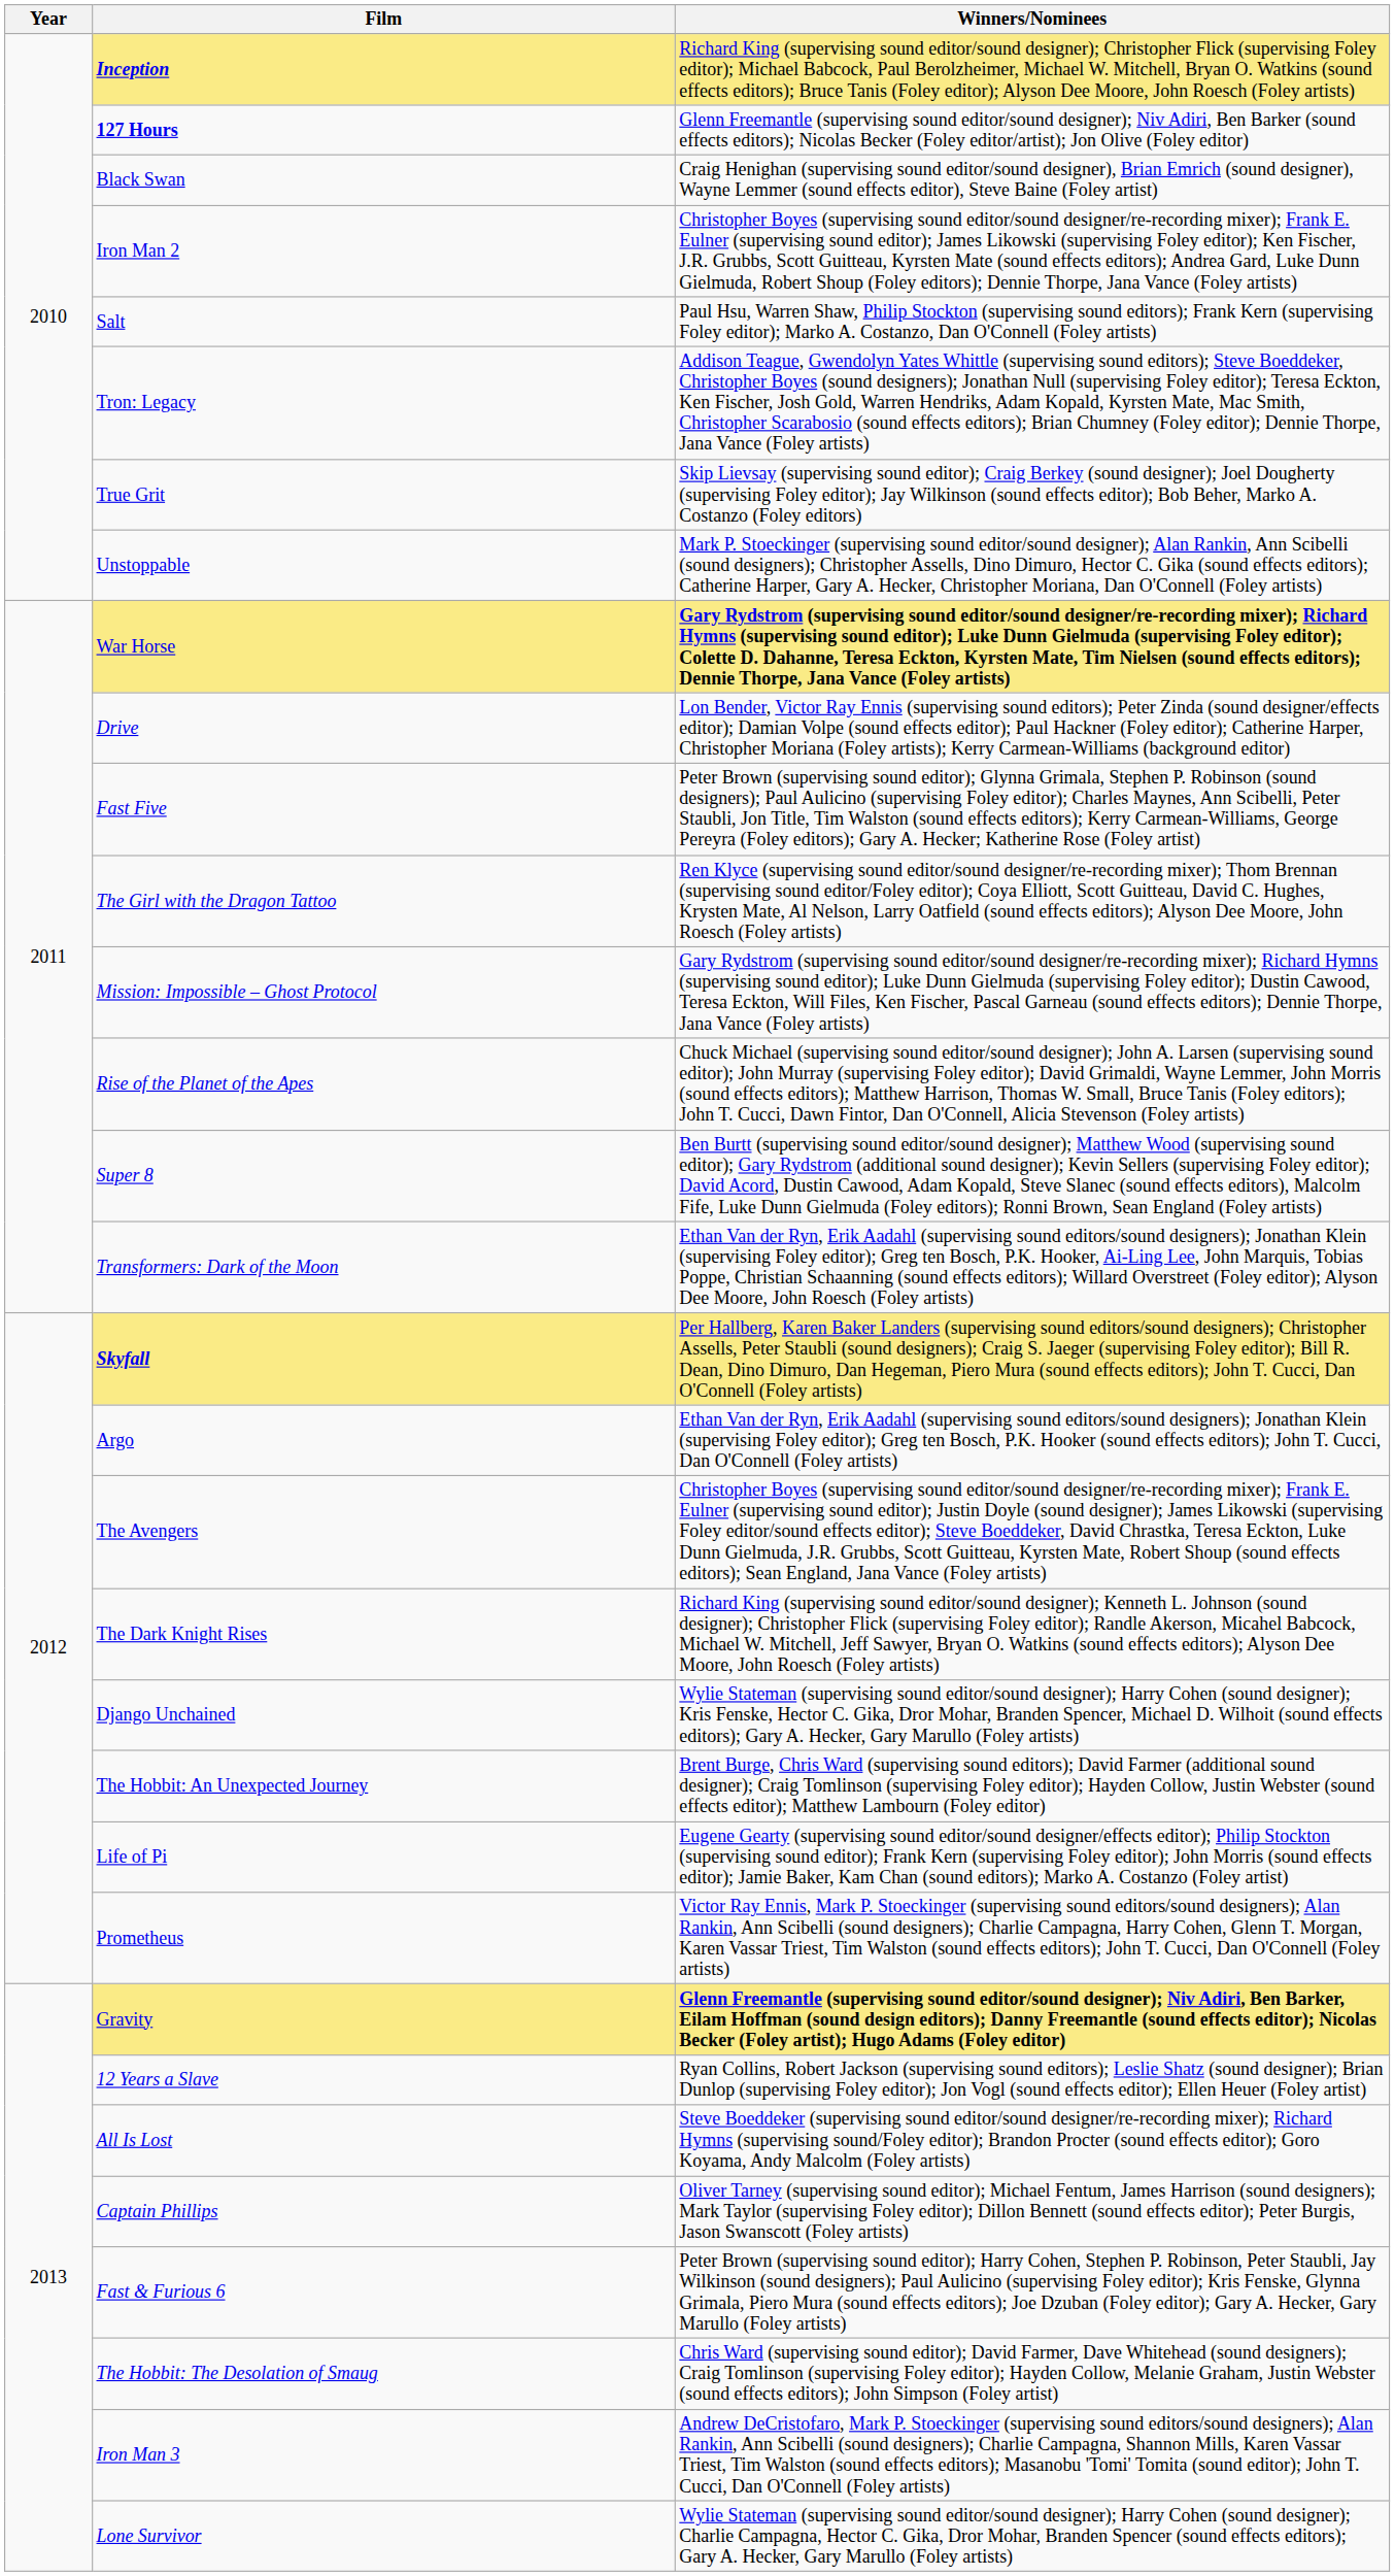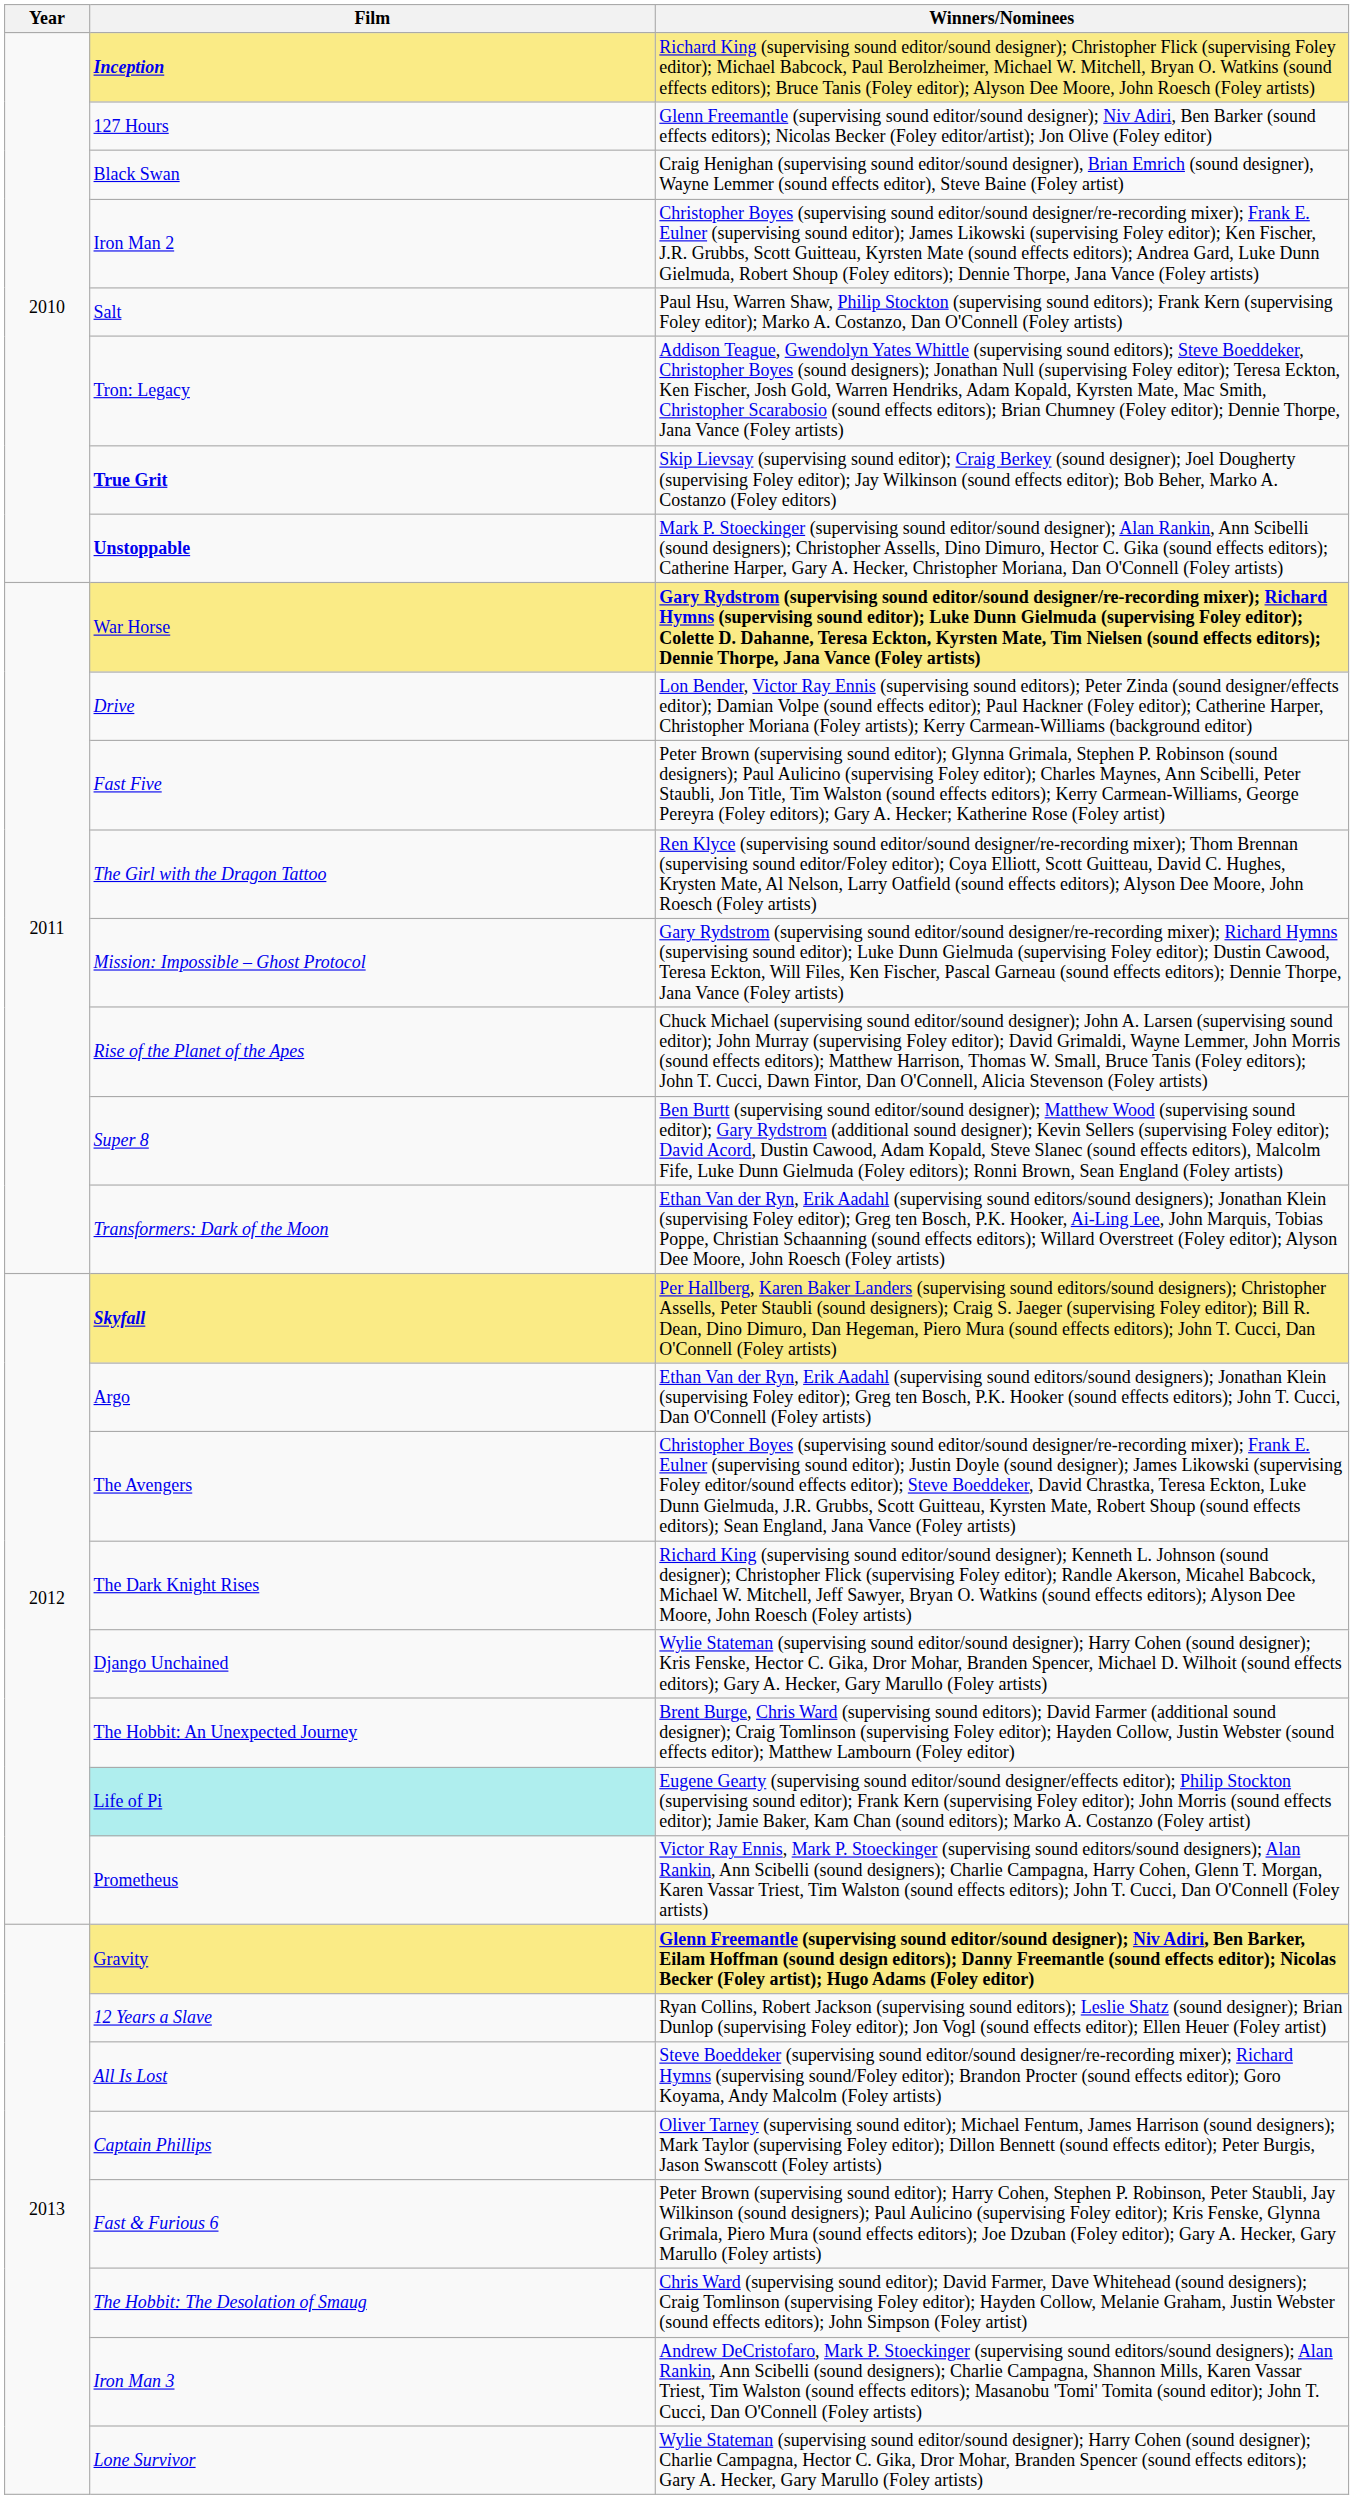 <table class="wikitable" width="95%" cellpadding="5">
 <tr>
 <th width="6%">Year</th>
 <th width="40%">Film</th>
 <th width="49%">Winners/Nominees</th>
 </tr>
 <tr>
 <td rowspan=8 style="text-align:center">2010<br></td>
 <td style="background:#FAEB86;"><strong><em><a href='#'>Inception</a><em> <strong></td>
 <td style="background:#FAEB86;"></strong><a href='#'>Richard King</a> (supervising sound editor/sound designer); Christopher Flick (supervising Foley editor); Michael Babcock, Paul Berolzheimer, Michael W. Mitchell, Bryan O. Watkins (sound effects editors); Bruce Tanis (Foley editor); Alyson Dee Moore, John Roesch (Foley artists)<strong></td>
 </tr>
 <tr>
-<td><strong></em><a href='#'>127 Hours</a><em></strong></td>
+<td></em><a href='#'>127 Hours</a><em></td>
 <td><a href='#'>Glenn Freemantle</a> (supervising sound editor/sound designer); <a href='#'>Niv Adiri</a>, Ben Barker (sound effects editors); Nicolas Becker (Foley editor/artist); Jon Olive (Foley editor)</td>
 </tr>
 <tr>
 <td></em><a href='#'>Black Swan</a><em></td>
 <td>Craig Henighan (supervising sound editor/sound designer), <a href='#'>Brian Emrich</a> (sound designer), Wayne Lemmer (sound effects editor), Steve Baine (Foley artist)</td>
 </tr>
 <tr>
 <td></em><a href='#'>Iron Man 2</a><em></td>
 <td><a href='#'>Christopher Boyes</a> (supervising sound editor/sound designer/re-recording mixer); <a href='#'>Frank E. Eulner</a> (supervising sound editor); James Likowski (supervising Foley editor); Ken Fischer, J.R. Grubbs, Scott Guitteau, Kyrsten Mate (sound effects editors); Andrea Gard, Luke Dunn Gielmuda, Robert Shoup (Foley editors); Dennie Thorpe, Jana Vance (Foley artists)</td>
 </tr>
 <tr>
 <td></em><a href='#'>Salt</a><em></td>
 <td>Paul Hsu, Warren Shaw, <a href='#'>Philip Stockton</a> (supervising sound editors); Frank Kern (supervising Foley editor); Marko A. Costanzo, Dan O'Connell (Foley artists)</td>
 </tr>
 <tr>
 <td></em><a href='#'>Tron: Legacy</a><em></td>
 <td><a href='#'>Addison Teague</a>, <a href='#'>Gwendolyn Yates Whittle</a> (supervising sound editors); <a href='#'>Steve Boeddeker</a>, <a href='#'>Christopher Boyes</a> (sound designers); Jonathan Null (supervising Foley editor); Teresa Eckton, Ken Fischer, Josh Gold, Warren Hendriks, Adam Kopald, Kyrsten Mate, Mac Smith, <a href='#'>Christopher Scarabosio</a> (sound effects editors); Brian Chumney (Foley editor); Dennie Thorpe, Jana Vance (Foley artists)</td>
 </tr>
 <tr>
-<td></em><a href='#'>True Grit</a><em></td>
+<td><strong></em><a href='#'>True Grit</a><em></strong></td>
 <td><a href='#'>Skip Lievsay</a> (supervising sound editor); <a href='#'>Craig Berkey</a> (sound designer); Joel Dougherty (supervising Foley editor); Jay Wilkinson (sound effects editor); Bob Beher, Marko A. Costanzo (Foley editors)</td>
 </tr>
 <tr>
-<td></em><a href='#'>Unstoppable</a><em></td>
+<td><strong></em><a href='#'>Unstoppable</a><em></strong></td>
 <td><a href='#'>Mark P. Stoeckinger</a> (supervising sound editor/sound designer); <a href='#'>Alan Rankin</a>, Ann Scibelli (sound designers); Christopher Assells, Dino Dimuro, Hector C. Gika (sound effects editors); Catherine Harper, Gary A. Hecker, Christopher Moriana, Dan O'Connell (Foley artists)</td>
 </tr>
 <tr>
 <td rowspan=8 style="text-align:center">2011<br></td>
 <td style="background:#FAEB86;"></em></strong><a href='#'>War Horse</a></em> </strong></td>
 <td style="background:#FAEB86;"><strong><a href='#'>Gary Rydstrom</a> (supervising sound editor/sound designer/re-recording mixer); <a href='#'>Richard Hymns</a> (supervising sound editor); Luke Dunn Gielmuda (supervising Foley editor); Colette D. Dahanne, Teresa Eckton, Kyrsten Mate, Tim Nielsen (sound effects editors); Dennie Thorpe, Jana Vance (Foley artists)</strong></td>
 </tr>
 <tr>
 <td><em><a href='#'>Drive</a></em></td>
 <td><a href='#'>Lon Bender</a>, <a href='#'>Victor Ray Ennis</a> (supervising sound editors); Peter Zinda (sound designer/effects editor); Damian Volpe (sound effects editor); Paul Hackner (Foley editor); Catherine Harper, Christopher Moriana (Foley artists); Kerry Carmean-Williams (background editor)</td>
 </tr>
 <tr>
 <td><em><a href='#'>Fast Five</a></em></td>
 <td>Peter Brown (supervising sound editor); Glynna Grimala, Stephen P. Robinson (sound designers); Paul Aulicino (supervising Foley editor); Charles Maynes, Ann Scibelli, Peter Staubli, Jon Title, Tim Walston (sound effects editors); Kerry Carmean-Williams, George Pereyra (Foley editors); Gary A. Hecker; Katherine Rose (Foley artist)</td>
 </tr>
 <tr>
 <td><em><a href='#'>The Girl with the Dragon Tattoo</a></em></td>
 <td><a href='#'>Ren Klyce</a> (supervising sound editor/sound designer/re-recording mixer); Thom Brennan (supervising sound editor/Foley editor); Coya Elliott, Scott Guitteau, David C. Hughes, Krysten Mate, Al Nelson, Larry Oatfield (sound effects editors); Alyson Dee Moore, John Roesch (Foley artists)</td>
 </tr>
 <tr>
 <td><em><a href='#'>Mission: Impossible – Ghost Protocol</a></em></td>
 <td><a href='#'>Gary Rydstrom</a> (supervising sound editor/sound designer/re-recording mixer); <a href='#'>Richard Hymns</a> (supervising sound editor); Luke Dunn Gielmuda (supervising Foley editor); Dustin Cawood, Teresa Eckton, Will Files, Ken Fischer, Pascal Garneau (sound effects editors); Dennie Thorpe, Jana Vance (Foley artists)</td>
 </tr>
 <tr>
 <td><em><a href='#'>Rise of the Planet of the Apes</a></em></td>
 <td>Chuck Michael (supervising sound editor/sound designer); John A. Larsen (supervising sound editor); John Murray (supervising Foley editor); David Grimaldi, Wayne Lemmer, John Morris (sound effects editors); Matthew Harrison, Thomas W. Small, Bruce Tanis (Foley editors); John T. Cucci, Dawn Fintor, Dan O'Connell, Alicia Stevenson (Foley artists)</td>
 </tr>
 <tr>
 <td><em><a href='#'>Super 8</a></em></td>
 <td><a href='#'>Ben Burtt</a> (supervising sound editor/sound designer); <a href='#'>Matthew Wood</a> (supervising sound editor); <a href='#'>Gary Rydstrom</a> (additional sound designer); Kevin Sellers (supervising Foley editor); <a href='#'>David Acord</a>, Dustin Cawood, Adam Kopald, Steve Slanec (sound effects editors), Malcolm Fife, Luke Dunn Gielmuda (Foley editors); Ronni Brown, Sean England (Foley artists)</td>
 </tr>
 <tr>
 <td><em><a href='#'>Transformers: Dark of the Moon</a></em></td>
 <td><a href='#'>Ethan Van der Ryn</a>, <a href='#'>Erik Aadahl</a> (supervising sound editors/sound designers); Jonathan Klein (supervising Foley editor); Greg ten Bosch, P.K. Hooker, <a href='#'>Ai-Ling Lee</a>, John Marquis, Tobias Poppe, Christian Schaanning (sound effects editors); Willard Overstreet (Foley editor); Alyson Dee Moore, John Roesch (Foley artists)</td>
 </tr>
 <tr>
 <td rowspan=8 style="text-align:center">2012<br></td>
 <td style="background:#FAEB86;"><strong><em><a href='#'>Skyfall</a><em> <strong></td>
 <td style="background:#FAEB86;"></strong><a href='#'>Per Hallberg</a>, <a href='#'>Karen Baker Landers</a> (supervising sound editors/sound designers); Christopher Assells, Peter Staubli (sound designers); Craig S. Jaeger (supervising Foley editor); Bill R. Dean, Dino Dimuro, Dan Hegeman, Piero Mura (sound effects editors); John T. Cucci, Dan O'Connell (Foley artists)<strong></td>
 </tr>
 <tr>
 <td></em><a href='#'>Argo</a><em></td>
 <td><a href='#'>Ethan Van der Ryn</a>, <a href='#'>Erik Aadahl</a> (supervising sound editors/sound designers); Jonathan Klein (supervising Foley editor); Greg ten Bosch, P.K. Hooker (sound effects editors); John T. Cucci, Dan O'Connell (Foley artists)</td>
 </tr>
 <tr>
 <td></em><a href='#'>The Avengers</a><em></td>
 <td><a href='#'>Christopher Boyes</a> (supervising sound editor/sound designer/re-recording mixer); <a href='#'>Frank E. Eulner</a> (supervising sound editor); Justin Doyle (sound designer); James Likowski (supervising Foley editor/sound effects editor); <a href='#'>Steve Boeddeker</a>, David Chrastka, Teresa Eckton, Luke Dunn Gielmuda, J.R. Grubbs, Scott Guitteau, Kyrsten Mate, Robert Shoup (sound effects editors); Sean England, Jana Vance (Foley artists)</td>
 </tr>
 <tr>
 <td></em><a href='#'>The Dark Knight Rises</a><em></td>
 <td><a href='#'>Richard King</a> (supervising sound editor/sound designer); Kenneth L. Johnson (sound designer); Christopher Flick (supervising Foley editor); Randle Akerson, Micahel Babcock, Michael W. Mitchell, Jeff Sawyer, Bryan O. Watkins (sound effects editors); Alyson Dee Moore, John Roesch (Foley artists)</td>
 </tr>
 <tr>
 <td></em><a href='#'>Django Unchained</a><em></td>
 <td><a href='#'>Wylie Stateman</a> (supervising sound editor/sound designer); Harry Cohen (sound designer); Kris Fenske, Hector C. Gika, Dror Mohar, Branden Spencer, Michael D. Wilhoit (sound effects editors); Gary A. Hecker, Gary Marullo (Foley artists)</td>
 </tr>
 <tr>
 <td></em><a href='#'>The Hobbit: An Unexpected Journey</a><em></td>
 <td><a href='#'>Brent Burge</a>, <a href='#'>Chris Ward</a> (supervising sound editors); David Farmer (additional sound designer); Craig Tomlinson (supervising Foley editor); Hayden Collow, Justin Webster (sound effects editor); Matthew Lambourn (Foley editor)</td>
 </tr>
 <tr>
-<td></em><a href='#'>Life of Pi</a><em></td>
+<td style="background: paleturquoise;"></em><a href='#'>Life of Pi</a><em></td>
 <td><a href='#'>Eugene Gearty</a> (supervising sound editor/sound designer/effects editor); <a href='#'>Philip Stockton</a> (supervising sound editor); Frank Kern (supervising Foley editor); John Morris (sound effects editor); Jamie Baker, Kam Chan (sound editors); Marko A. Costanzo (Foley artist)</td>
 </tr>
 <tr>
 <td></em><a href='#'>Prometheus</a><em></td>
 <td><a href='#'>Victor Ray Ennis</a>, <a href='#'>Mark P. Stoeckinger</a> (supervising sound editors/sound designers); <a href='#'>Alan Rankin</a>, Ann Scibelli (sound designers); Charlie Campagna, Harry Cohen, Glenn T. Morgan, Karen Vassar Triest, Tim Walston (sound effects editors); John T. Cucci, Dan O'Connell (Foley artists)</td>
 </tr>
 <tr>
 <td rowspan=8 style="text-align:center">2013<br></td>
 <td style="background:#FAEB86;"></em></strong><a href='#'>Gravity</a></em> </strong></td>
 <td style="background:#FAEB86;"><strong><a href='#'>Glenn Freemantle</a> (supervising sound editor/sound designer); <a href='#'>Niv Adiri</a>, Ben Barker, Eilam Hoffman (sound design editors); Danny Freemantle (sound effects editor); Nicolas Becker (Foley artist); Hugo Adams (Foley editor)</strong></td>
 </tr>
 <tr>
 <td><em><a href='#'>12 Years a Slave</a></em></td>
 <td>Ryan Collins, Robert Jackson (supervising sound editors); <a href='#'>Leslie Shatz</a> (sound designer); Brian Dunlop (supervising Foley editor); Jon Vogl (sound effects editor); Ellen Heuer (Foley artist)</td>
 </tr>
 <tr>
 <td><em><a href='#'>All Is Lost</a></em></td>
 <td><a href='#'>Steve Boeddeker</a> (supervising sound editor/sound designer/re-recording mixer); <a href='#'>Richard Hymns</a> (supervising sound/Foley editor); Brandon Procter (sound effects editor); Goro Koyama, Andy Malcolm (Foley artists)</td>
 </tr>
 <tr>
 <td><em><a href='#'>Captain Phillips</a></em></td>
 <td><a href='#'>Oliver Tarney</a> (supervising sound editor); Michael Fentum, James Harrison (sound designers); Mark Taylor (supervising Foley editor); Dillon Bennett (sound effects editor); Peter Burgis, Jason Swanscott (Foley artists)</td>
 </tr>
 <tr>
 <td><em><a href='#'>Fast & Furious 6</a></em></td>
 <td>Peter Brown (supervising sound editor); Harry Cohen, Stephen P. Robinson, Peter Staubli, Jay Wilkinson (sound designers); Paul Aulicino (supervising Foley editor); Kris Fenske, Glynna Grimala, Piero Mura (sound effects editors); Joe Dzuban (Foley editor); Gary A. Hecker, Gary Marullo (Foley artists)</td>
 </tr>
 <tr>
 <td><em><a href='#'>The Hobbit: The Desolation of Smaug</a></em></td>
 <td><a href='#'>Chris Ward</a> (supervising sound editor); David Farmer, Dave Whitehead (sound designers); Craig Tomlinson (supervising Foley editor); Hayden Collow, Melanie Graham, Justin Webster (sound effects editors); John Simpson (Foley artist)</td>
 </tr>
 <tr>
 <td><em><a href='#'>Iron Man 3</a></em></td>
 <td><a href='#'>Andrew DeCristofaro</a>, <a href='#'>Mark P. Stoeckinger</a> (supervising sound editors/sound designers); <a href='#'>Alan Rankin</a>, Ann Scibelli (sound designers); Charlie Campagna, Shannon Mills, Karen Vassar Triest, Tim Walston (sound effects editors); Masanobu 'Tomi' Tomita (sound editor); John T. Cucci, Dan O'Connell (Foley artists)</td>
 </tr>
 <tr>
 <td><em><a href='#'>Lone Survivor</a></em></td>
 <td><a href='#'>Wylie Stateman</a> (supervising sound editor/sound designer); Harry Cohen (sound designer); Charlie Campagna, Hector C. Gika, Dror Mohar, Branden Spencer (sound effects editors); Gary A. Hecker, Gary Marullo (Foley artists)</td>
 </tr>
 </table>
